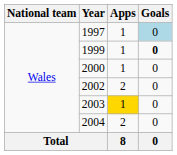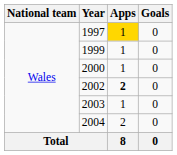 <table class="wikitable" style="text-align:center">
 <tr>
 <th>National team</th>
 <th>Year</th>
 <th>Apps</th>
 <th>Goals</th>
 </tr>
 <tr>
 <td rowspan="6"><a href='#'>Wales</a></td>
 <td>1997</td>
-<td>1</td>
-<td style="background: lightblue;">0</td>
+<td style="background: gold;">1</td>
+<td>0</td>
 </tr>
 <tr>
 <td>1999</td>
 <td>1</td>
-<td><strong>0</strong></td>
+<td>0</td>
 </tr>
 <tr>
 <td>2000</td>
 <td>1</td>
 <td>0</td>
 </tr>
 <tr>
 <td>2002</td>
-<td>2</td>
+<td><strong>2</strong></td>
 <td>0</td>
 </tr>
 <tr>
 <td>2003</td>
-<td style="background: gold;">1</td>
+<td>1</td>
 <td>0</td>
 </tr>
 <tr>
 <td>2004</td>
 <td>2</td>
 <td>0</td>
 </tr>
 <tr>
 <th colspan="2">Total</th>
 <th>8</th>
 <th>0</th>
 </tr>
 </table>
